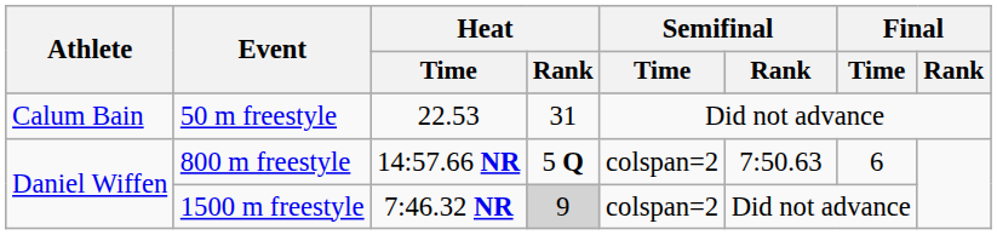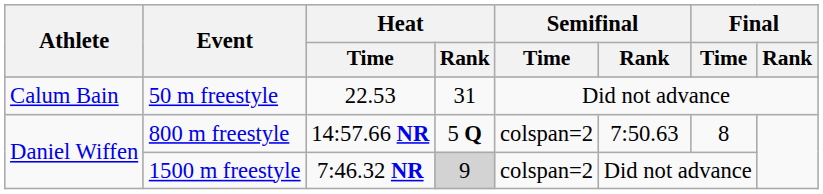 <table class="wikitable" style="text-align:center; font-size:90%">
 <tr>
 <th rowspan="2">Athlete</th>
 <th rowspan="2">Event</th>
 <th colspan="2">Heat</th>
 <th colspan="2">Semifinal</th>
 <th colspan="2">Final</th>
 </tr>
 <tr style="font-size:95%">
 <th>Time</th>
 <th>Rank</th>
 <th>Time</th>
 <th>Rank</th>
 <th>Time</th>
 <th>Rank</th>
 </tr>
 <tr>
 <td align=left rowspan=1><a href='#'>Calum Bain</a></td>
 <td align=left><a href='#'>50 m freestyle</a></td>
 <td>22.53</td>
 <td>31</td>
 <td colspan="4">Did not advance</td>
 </tr>
 <tr>
 <td align=left rowspan=2><a href='#'>Daniel Wiffen</a></td>
 <td align=left><a href='#'>800 m freestyle</a></td>
 <td>14:57.66 <strong><a href='#'>NR</a></strong></td>
 <td>5 <strong>Q</strong></td>
 <td>colspan=2 </td>
 <td>7:50.63</td>
-<td>6</td>
+<td>8</td>
 </tr>
 <tr>
 <td align=left><a href='#'>1500 m freestyle</a></td>
 <td>7:46.32 <strong><a href='#'>NR</a></strong></td>
 <td style="background: lightgrey;">9</td>
 <td>colspan=2 </td>
 <td colspan=2>Did not advance</td>
 </tr>
 </table>
